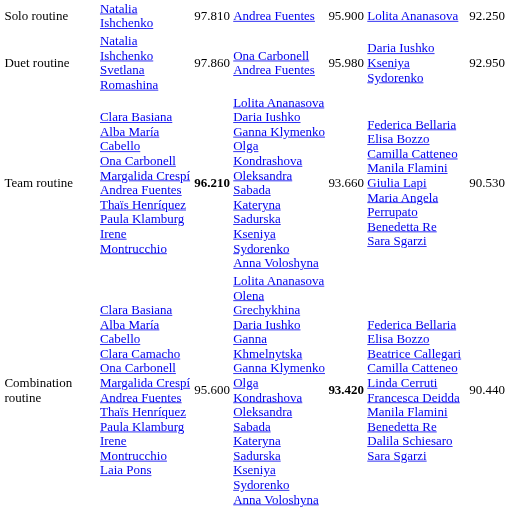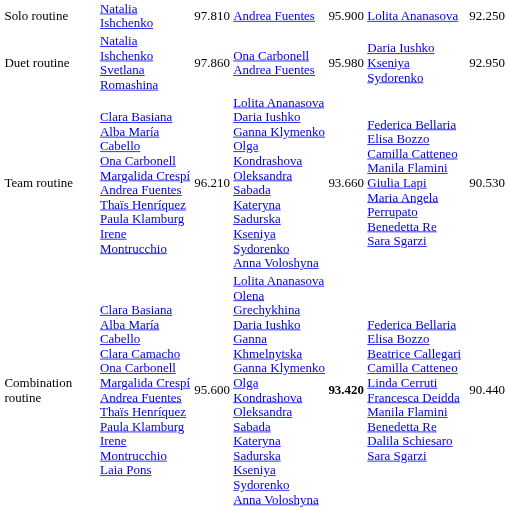 <table>
 <tr>
 <td>Solo routine<br></td>
 <td><a href='#'>Natalia Ishchenko</a><br></td>
 <td>97.810</td>
 <td><a href='#'>Andrea Fuentes</a><br></td>
 <td>95.900</td>
 <td><a href='#'>Lolita Ananasova</a><br></td>
 <td>92.250</td>
 </tr>
 <tr>
 <td>Duet routine<br></td>
 <td><a href='#'>Natalia Ishchenko</a><br><a href='#'>Svetlana Romashina</a><br></td>
 <td>97.860</td>
 <td><a href='#'>Ona Carbonell</a><br><a href='#'>Andrea Fuentes</a><br></td>
 <td>95.980</td>
 <td><a href='#'>Daria Iushko</a><br><a href='#'>Kseniya Sydorenko</a><br></td>
 <td>92.950</td>
 </tr>
 <tr>
 <td>Team routine<br></td>
 <td><a href='#'>Clara Basiana</a><br><a href='#'>Alba María Cabello</a><br><a href='#'>Ona Carbonell</a><br><a href='#'>Margalida Crespí</a><br><a href='#'>Andrea Fuentes</a><br><a href='#'>Thaïs Henríquez</a><br><a href='#'>Paula Klamburg</a><br><a href='#'>Irene Montrucchio</a><br></td>
-<td><strong>96.210</strong></td>
+<td>96.210</td>
 <td><a href='#'>Lolita Ananasova</a><br><a href='#'>Daria Iushko</a><br><a href='#'>Ganna Klymenko</a><br><a href='#'>Olga Kondrashova</a><br><a href='#'>Oleksandra Sabada</a><br><a href='#'>Kateryna Sadurska</a><br><a href='#'>Kseniya Sydorenko</a><br><a href='#'>Anna Voloshyna</a><br></td>
 <td>93.660</td>
 <td><a href='#'>Federica Bellaria</a><br><a href='#'>Elisa Bozzo</a><br><a href='#'>Camilla Catteneo</a><br><a href='#'>Manila Flamini</a><br><a href='#'>Giulia Lapi</a><br><a href='#'>Maria Angela Perrupato</a><br><a href='#'>Benedetta Re</a><br><a href='#'>Sara Sgarzi</a> <br> </td>
 <td>90.530</td>
 </tr>
 <tr>
 <td>Combination routine<br></td>
 <td><a href='#'>Clara Basiana</a><br><a href='#'>Alba María Cabello</a><br><a href='#'>Clara Camacho</a><br><a href='#'>Ona Carbonell</a><br><a href='#'>Margalida Crespí</a><br><a href='#'>Andrea Fuentes</a><br><a href='#'>Thaïs Henríquez</a><br><a href='#'>Paula Klamburg</a><br><a href='#'>Irene Montrucchio</a><br><a href='#'>Laia Pons</a><br></td>
 <td>95.600</td>
 <td><a href='#'>Lolita Ananasova</a><br><a href='#'>Olena Grechykhina</a><br><a href='#'>Daria Iushko</a><br><a href='#'>Ganna Khmelnytska</a><br><a href='#'>Ganna Klymenko</a><br><a href='#'>Olga Kondrashova</a><br><a href='#'>Oleksandra Sabada</a><br><a href='#'>Kateryna Sadurska</a><br><a href='#'>Kseniya Sydorenko</a><br><a href='#'>Anna Voloshyna</a><br></td>
 <td><strong>93.420</strong></td>
 <td><a href='#'>Federica Bellaria</a><br><a href='#'>Elisa Bozzo</a><br><a href='#'>Beatrice Callegari</a><br><a href='#'>Camilla Catteneo</a><br><a href='#'>Linda Cerruti</a><br><a href='#'>Francesca Deidda</a><br><a href='#'>Manila Flamini</a><br><a href='#'>Benedetta Re</a><br><a href='#'>Dalila Schiesaro</a><br><a href='#'>Sara Sgarzi</a> <br> </td>
 <td>90.440</td>
 </tr>
 </table>
